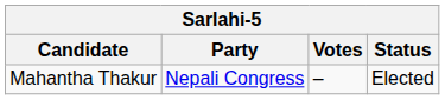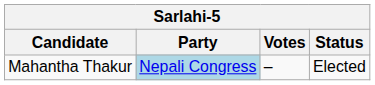 <table class="wikitable">
 <tr>
 <th colspan="4">Sarlahi-5</th>
 </tr>
 <tr>
 <th>Candidate</th>
 <th>Party</th>
 <th>Votes</th>
 <th>Status</th>
 </tr>
 <tr>
 <td>Mahantha Thakur</td>
-<td><a href='#'>Nepali Congress</a></td>
+<td style="background: lightblue;"><a href='#'>Nepali Congress</a></td>
 <td>–</td>
 <td>Elected</td>
 </tr>
 </table>
